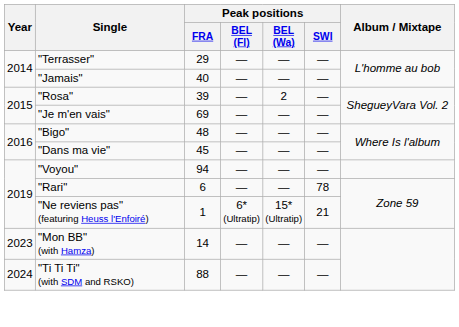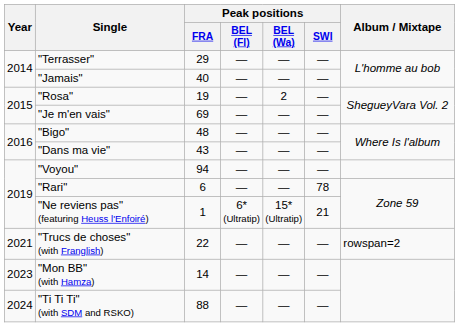 <table class="wikitable">
 <tr>
 <th align="center" rowspan="2" width="10">Year</th>
 <th align="center" rowspan="2" width="200">Single</th>
 <th align="center" colspan="4" width="20">Peak positions</th>
 <th align="center" rowspan="2" width="150">Album / Mixtape</th>
 </tr>
 <tr>
 <th scope="col" style="width:3em;font-size:90%;"><a href='#'>FRA</a><br></th>
 <th scope="col" style="width:3em;font-size:90%;"><a href='#'>BEL <br>(Fl)</a><br></th>
 <th scope="col" style="width:3em;font-size:90%;"><a href='#'>BEL <br>(Wa)</a><br></th>
 <th scope="col" style="width:3em;font-size:90%;"><a href='#'>SWI</a><br></th>
 </tr>
 <tr>
 <td style="text-align:center;" rowspan=2>2014</td>
 <td>"Terrasser"</td>
 <td style="text-align:center;">29</td>
 <td style="text-align:center;">—</td>
 <td style="text-align:center;">—</td>
 <td style="text-align:center;">—</td>
 <td style="text-align:center;" rowspan=2><em>L'homme au bob</em></td>
 </tr>
 <tr>
 <td>"Jamais"</td>
 <td style="text-align:center;">40</td>
 <td style="text-align:center;">—</td>
 <td style="text-align:center;">—</td>
 <td style="text-align:center;">—</td>
 </tr>
 <tr>
 <td style="text-align:center;" rowspan="2">2015</td>
 <td>"Rosa"</td>
-<td style="text-align:center;">39</td>
+<td style="text-align:center;">19</td>
 <td style="text-align:center;">—</td>
 <td style="text-align:center;">2</td>
 <td style="text-align:center;">—</td>
 <td style="text-align:center;" rowspan=2><em>ShegueyVara Vol. 2</em></td>
 </tr>
 <tr>
 <td>"Je m'en vais"</td>
 <td style="text-align:center;">69</td>
 <td style="text-align:center;">—</td>
 <td style="text-align:center;">—</td>
 <td style="text-align:center;">—</td>
 </tr>
 <tr>
 <td style="text-align:center;" rowspan="2">2016</td>
 <td>"Bigo"</td>
 <td style="text-align:center;">48</td>
 <td style="text-align:center;">—</td>
 <td style="text-align:center;">—</td>
 <td style="text-align:center;">—</td>
 <td style="text-align:center;"  rowspan="2"><em>Where Is l'album</em></td>
 </tr>
 <tr>
 <td>"Dans ma vie"</td>
-<td style="text-align:center;">45<br></td>
+<td style="text-align:center;">43<br></td>
 <td style="text-align:center;">—</td>
 <td style="text-align:center;">—</td>
 <td style="text-align:center;">—</td>
 </tr>
 <tr>
 <td style="text-align:center;" rowspan="3">2019</td>
 <td>"Voyou"</td>
 <td style="text-align:center;">94</td>
 <td style="text-align:center;">—</td>
 <td style="text-align:center;">—</td>
 <td style="text-align:center;">—</td>
 <td></td>
 </tr>
 <tr>
 <td>"Rari"</td>
 <td style="text-align:center;">6</td>
 <td style="text-align:center;">—</td>
 <td style="text-align:center;">—</td>
 <td style="text-align:center;">78</td>
 <td style="text-align:center;"  rowspan="2"><em>Zone 59</em></td>
 </tr>
 <tr>
 <td>"Ne reviens pas"<br><small>(featuring <a href='#'>Heuss l'Enfoiré</a>)</small></td>
 <td style="text-align:center;">1</td>
 <td style="text-align:center;">6*<br><small>(Ultratip)</small></td>
 <td style="text-align:center;">15*<br><small>(Ultratip)</small></td>
 <td style="text-align:center;">21</td>
 </tr>
 <tr>
+<td style="text-align:center;">2021</td>
+<td>"Trucs de choses" <br><small>(with <a href='#'>Franglish</a>)</small></td>
+<td style="text-align:center;">22</td>
+<td style="text-align:center;">—</td>
+<td style="text-align:center;">—</td>
+<td style="text-align:center;">—</td>
+<td>rowspan=2</td>
+</tr>
+<tr>
 <td style="text-align:center;">2023</td>
 <td>"Mon BB" <br><small>(with <a href='#'>Hamza</a>)</small></td>
 <td style="text-align:center;">14</td>
 <td style="text-align:center;">—</td>
 <td style="text-align:center;">—</td>
 <td style="text-align:center;">—</td>
 </tr>
 <tr>
 <td style="text-align:center;">2024</td>
 <td>"Ti Ti Ti" <br><small>(with <a href='#'>SDM</a> and RSKO)</small></td>
 <td style="text-align:center;">88</td>
 <td style="text-align:center;">—</td>
 <td style="text-align:center;">—</td>
 <td style="text-align:center;">—</td>
 </tr>
 </table>
